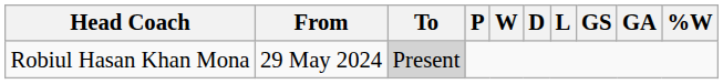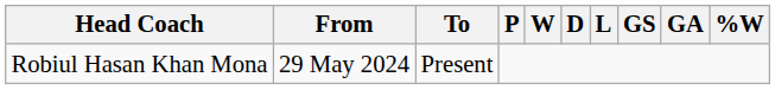 <table class="wikitable sortable" style="text-align: center">
 <tr>
 <th>Head Coach</th>
 <th class="unsortable">From</th>
 <th class="unsortable">To</th>
 <th abbr="3">P</th>
 <th abbr="1">W</th>
 <th abbr="1">D</th>
 <th abbr="1">L</th>
 <th abbr="4">GS</th>
 <th abbr="6">GA</th>
 <th abbr="50">%W</th>
 </tr>
 <tr>
 <td align="left"> Robiul Hasan Khan Mona</td>
 <td align="left">29 May 2024</td>
-<td align="left" style="background: lightgrey;">Present<br></td>
+<td align="left">Present<br></td>
 </tr>
 </table>
